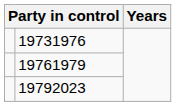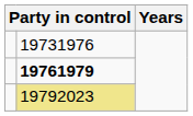 <table class="wikitable">
 <tr>
 <th colspan="2">Party in control</th>
 <th>Years</th>
 </tr>
 <tr>
 <td></td>
 <td>19731976</td>
 </tr>
 <tr>
 <td></td>
-<td>19761979</td>
+<td><strong>19761979</strong></td>
 </tr>
 <tr>
 <td></td>
-<td>19792023</td>
+<td style="background: khaki;">19792023</td>
 </tr>
 </table>
